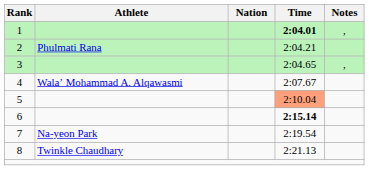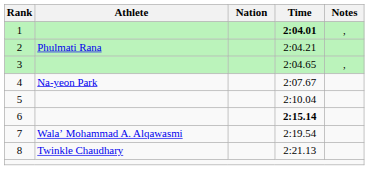 <table class="wikitable sortable" style="text-align:center;width: 60%;">
 <tr>
 <th scope="col" style="width: 10px;">Rank</th>
 <th scope="col">Athlete</th>
 <th scope="col">Nation</th>
 <th scope="col">Time</th>
 <th scope="col">Notes</th>
 </tr>
 <tr bgcolor=bbf3bb>
 <td>1</td>
 <td align="left"></td>
 <td align="left"></td>
 <td><strong>2:04.01</strong></td>
 <td>, </td>
 </tr>
 <tr bgcolor=bbf3bb>
 <td>2</td>
 <td align="left"><a href='#'>Phulmati Rana</a></td>
 <td align="left"></td>
 <td>2:04.21</td>
 <td></td>
 </tr>
 <tr bgcolor=bbf3bb>
 <td>3</td>
 <td align="left"></td>
 <td align="left"></td>
 <td>2:04.65</td>
 <td>, </td>
 </tr>
 <tr>
 <td>4</td>
-<td align="left"><a href='#'>Walaʼ Mohammad A. Alqawasmi</a></td>
+<td align="left"><a href='#'>Na-yeon Park</a></td>
 <td align="left"></td>
 <td>2:07.67</td>
 <td></td>
 </tr>
 <tr>
 <td>5</td>
 <td align="left"></td>
 <td align="left"></td>
-<td style="background: lightsalmon;">2:10.04</td>
+<td>2:10.04</td>
 <td></td>
 </tr>
 <tr>
 <td>6</td>
 <td align="left"></td>
 <td align="left"></td>
 <td><strong>2:15.14</strong></td>
 <td></td>
 </tr>
 <tr>
 <td>7</td>
-<td align="left"><a href='#'>Na-yeon Park</a></td>
+<td align="left"><a href='#'>Walaʼ Mohammad A. Alqawasmi</a></td>
 <td align="left"></td>
 <td>2:19.54</td>
 <td></td>
 </tr>
 <tr>
 <td>8</td>
 <td align="left"><a href='#'>Twinkle Chaudhary</a></td>
 <td align="left"></td>
 <td>2:21.13</td>
 <td></td>
 </tr>
 <tr class="sortbottom">
 <td colspan="5"></td>
 </tr>
 </table>
